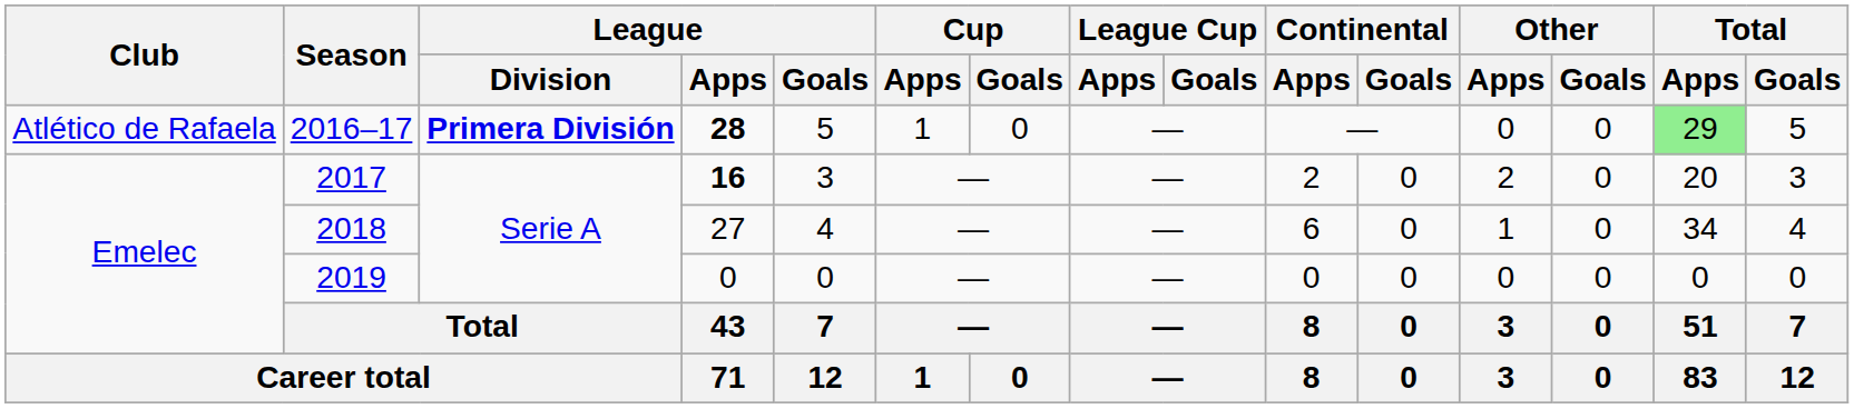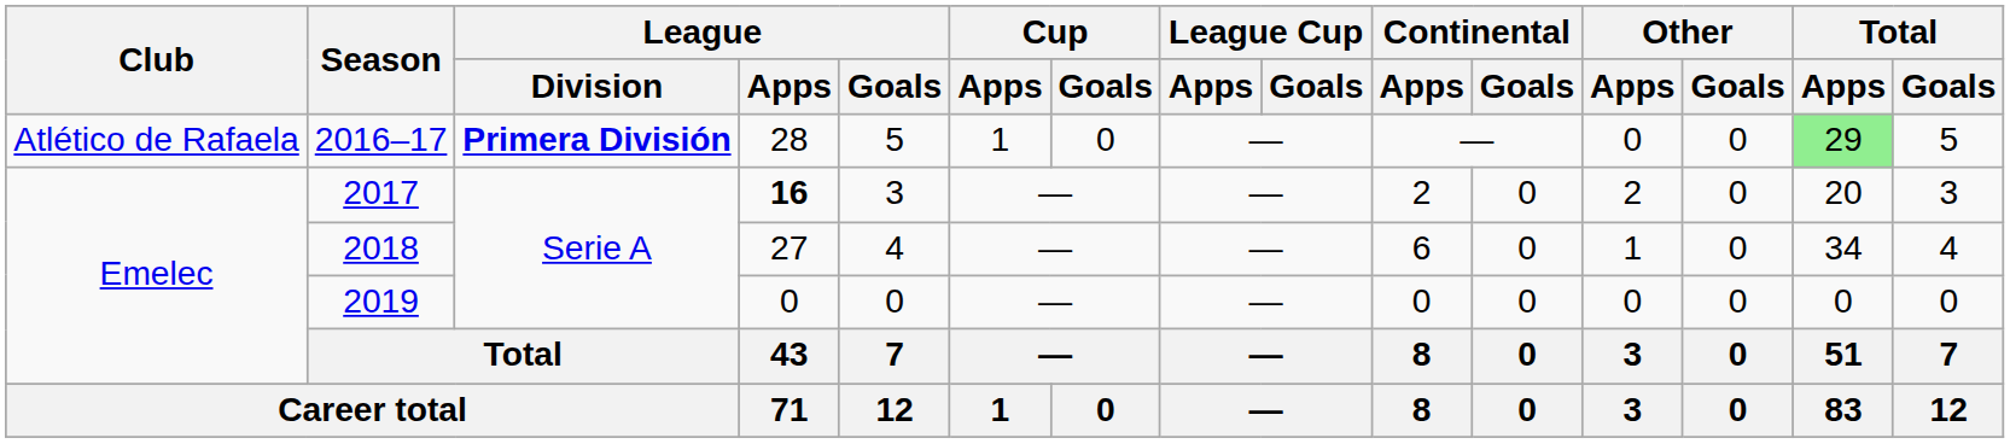 <table class="wikitable" style="text-align:center">
 <tr>
 <th rowspan="2">Club</th>
 <th rowspan="2">Season</th>
 <th colspan="3">League</th>
 <th colspan="2">Cup</th>
 <th colspan="2">League Cup</th>
 <th colspan="2">Continental</th>
 <th colspan="2">Other</th>
 <th colspan="2">Total</th>
 </tr>
 <tr>
 <th>Division</th>
 <th>Apps</th>
 <th>Goals</th>
 <th>Apps</th>
 <th>Goals</th>
 <th>Apps</th>
 <th>Goals</th>
 <th>Apps</th>
 <th>Goals</th>
 <th>Apps</th>
 <th>Goals</th>
 <th>Apps</th>
 <th>Goals</th>
 </tr>
 <tr>
 <td rowspan="1"><a href='#'>Atlético de Rafaela</a></td>
 <td><a href='#'>2016–17</a></td>
 <td rowspan="1"><strong><a href='#'>Primera División</a></strong></td>
-<td><strong>28</strong></td>
+<td>28</td>
 <td>5</td>
 <td>1</td>
 <td>0</td>
 <td colspan="2">—</td>
 <td colspan="2">—</td>
 <td>0</td>
 <td>0</td>
 <td style="background: lightgreen;">29</td>
 <td>5</td>
 </tr>
 <tr>
 <td rowspan="4"><a href='#'>Emelec</a></td>
 <td><a href='#'>2017</a></td>
 <td rowspan="3"><a href='#'>Serie A</a></td>
 <td><strong>16</strong></td>
 <td>3</td>
 <td colspan="2">—</td>
 <td colspan="2">—</td>
 <td>2</td>
 <td>0</td>
 <td>2</td>
 <td>0</td>
 <td>20</td>
 <td>3</td>
 </tr>
 <tr>
 <td><a href='#'>2018</a></td>
 <td>27</td>
 <td>4</td>
 <td colspan="2">—</td>
 <td colspan="2">—</td>
 <td>6</td>
 <td>0</td>
 <td>1</td>
 <td>0</td>
 <td>34</td>
 <td>4</td>
 </tr>
 <tr>
 <td><a href='#'>2019</a></td>
 <td>0</td>
 <td>0</td>
 <td colspan="2">—</td>
 <td colspan="2">—</td>
 <td>0</td>
 <td>0</td>
 <td>0</td>
 <td>0</td>
 <td>0</td>
 <td>0</td>
 </tr>
 <tr>
 <th colspan="2">Total</th>
 <th>43</th>
 <th>7</th>
 <th colspan="2">—</th>
 <th colspan="2">—</th>
 <th>8</th>
 <th>0</th>
 <th>3</th>
 <th>0</th>
 <th>51</th>
 <th>7</th>
 </tr>
 <tr>
 <th colspan="3">Career total</th>
 <th>71</th>
 <th>12</th>
 <th>1</th>
 <th>0</th>
 <th colspan="2">—</th>
 <th>8</th>
 <th>0</th>
 <th>3</th>
 <th>0</th>
 <th>83</th>
 <th>12</th>
 </tr>
 </table>
